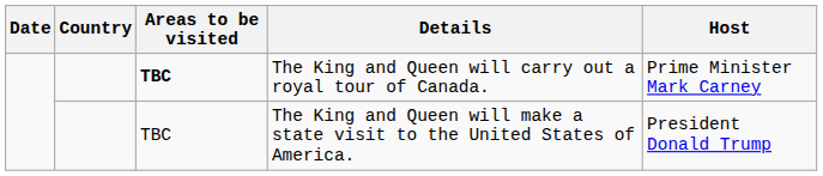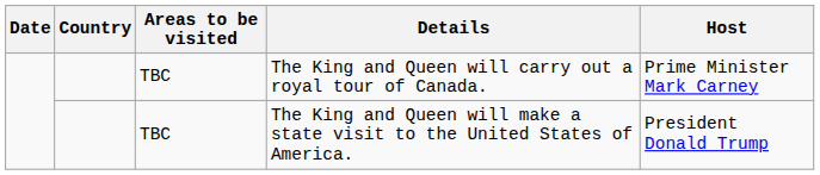 <table class="wikitable">
 <tr>
 <th>Date</th>
 <th>Country</th>
 <th>Areas to be visited</th>
 <th>Details</th>
 <th>Host</th>
 </tr>
 <tr>
 <td rowspan="2"></td>
 <td></td>
-<td><strong>TBC</strong></td>
+<td>TBC</td>
 <td>The King and Queen will carry out a royal tour of Canada.</td>
 <td>Prime Minister <a href='#'>Mark Carney</a></td>
 </tr>
 <tr>
 <td></td>
 <td>TBC</td>
 <td>The King and Queen will make a state visit to the United States of America.</td>
 <td>President <a href='#'>Donald Trump</a></td>
 </tr>
 </table>
